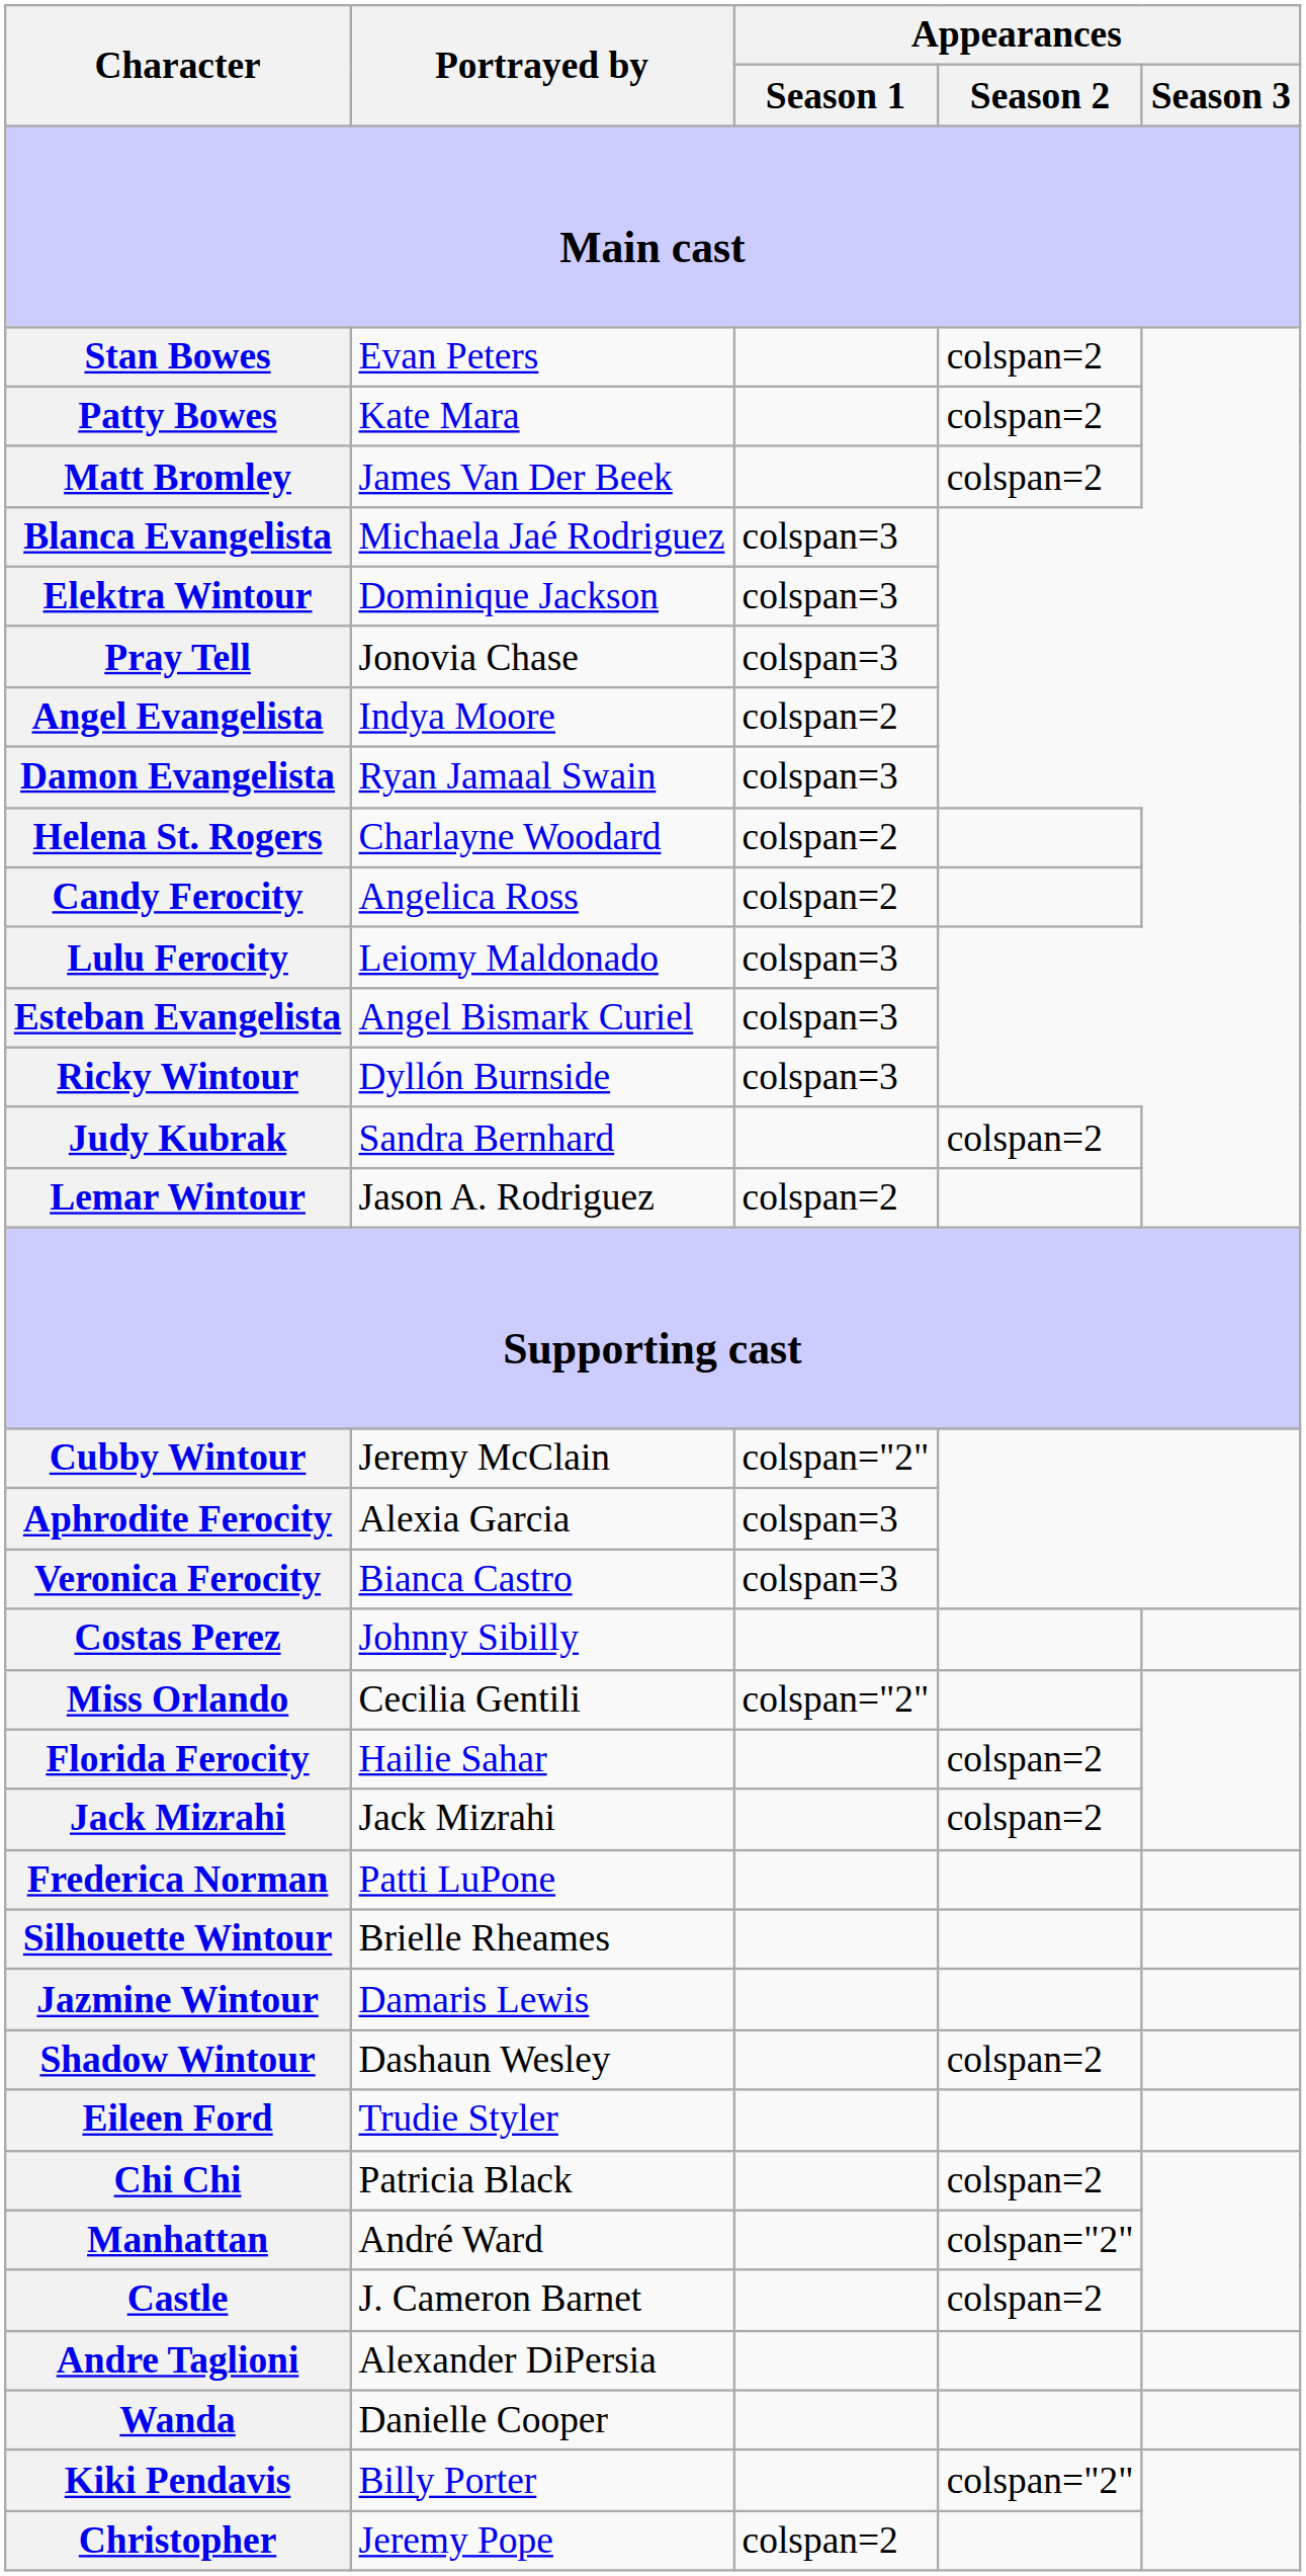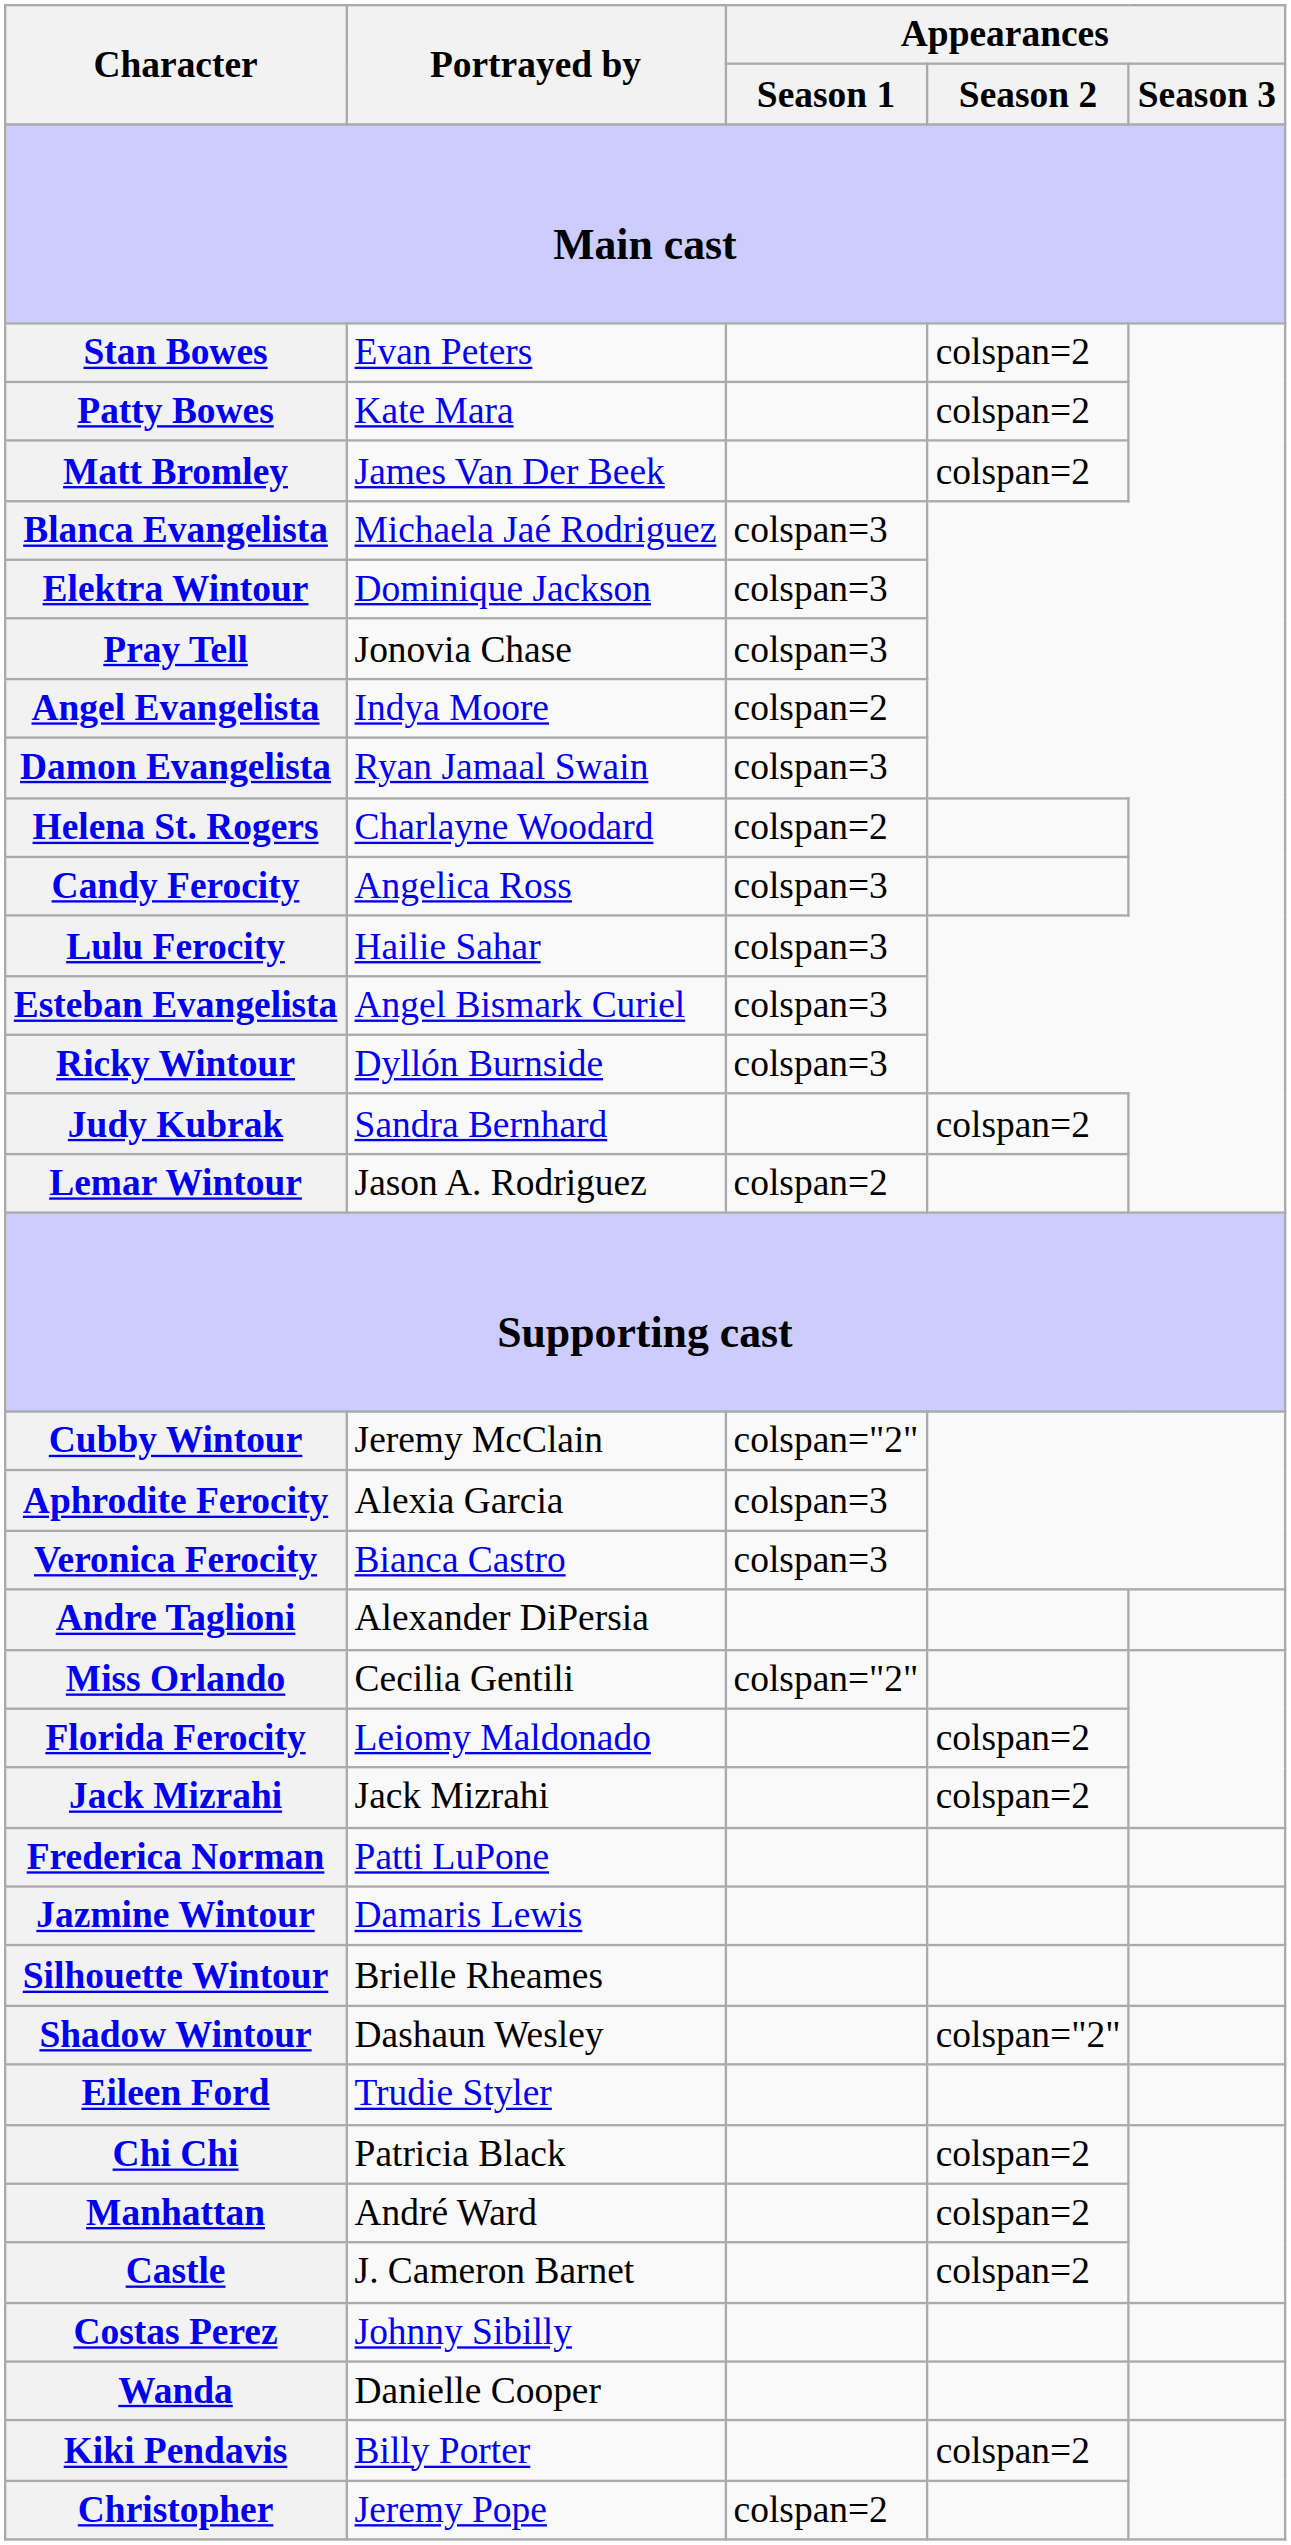 <table class="wikitable plainrowheaders">
 <tr>
 <th scope="col" rowspan="2">Character</th>
 <th scope="col" rowspan="2">Portrayed by</th>
 <th scope="col" colspan="3">Appearances</th>
 </tr>
 <tr>
 <th scope="col">Season 1</th>
 <th scope="col">Season 2</th>
 <th scope="col">Season 3</th>
 </tr>
 <tr>
 <th colspan="5" style="background:#ccf;"><br><h3>Main cast</h3></th>
 </tr>
 <tr>
 <th scope="row"><a href='#'>Stan Bowes</a></th>
 <td><a href='#'>Evan Peters</a></td>
 <td></td>
 <td>colspan=2 </td>
 </tr>
 <tr>
 <th scope="row"><a href='#'>Patty Bowes</a></th>
 <td><a href='#'>Kate Mara</a></td>
 <td></td>
 <td>colspan=2 </td>
 </tr>
 <tr>
 <th scope="row"><a href='#'>Matt Bromley</a></th>
 <td><a href='#'>James Van Der Beek</a></td>
 <td></td>
 <td>colspan=2 </td>
 </tr>
 <tr>
 <th scope="row"><a href='#'>Blanca Evangelista</a></th>
 <td><a href='#'>Michaela Jaé Rodriguez</a></td>
 <td>colspan=3 </td>
 </tr>
 <tr>
 <th scope="row"><a href='#'>Elektra Wintour</a></th>
 <td><a href='#'>Dominique Jackson</a></td>
 <td>colspan=3 </td>
 </tr>
 <tr>
 <th scope="row"><a href='#'>Pray Tell</a></th>
 <td>Jonovia Chase</td>
 <td>colspan=3 </td>
 </tr>
 <tr>
 <th scope="row"><a href='#'>Angel Evangelista</a></th>
 <td><a href='#'>Indya Moore</a></td>
 <td>colspan=2 </td>
 </tr>
 <tr>
 <th scope="row"><a href='#'>Damon Evangelista</a></th>
 <td><a href='#'>Ryan Jamaal Swain</a></td>
 <td>colspan=3 </td>
 </tr>
 <tr>
 <th scope="row"><a href='#'>Helena St. Rogers</a></th>
 <td><a href='#'>Charlayne Woodard</a></td>
 <td>colspan=2 </td>
 <td></td>
 </tr>
 <tr>
 <th scope="row"><a href='#'>Candy Ferocity</a></th>
 <td><a href='#'>Angelica Ross</a></td>
-<td>colspan=2 </td>
+<td>colspan=3 </td>
 <td></td>
 </tr>
 <tr>
 <th scope="row"><a href='#'>Lulu Ferocity</a></th>
-<td><a href='#'>Leiomy Maldonado</a></td>
+<td><a href='#'>Hailie Sahar</a></td>
 <td>colspan=3 </td>
 </tr>
 <tr>
 <th scope="row"><a href='#'>Esteban Evangelista</a></th>
 <td><a href='#'>Angel Bismark Curiel</a></td>
 <td>colspan=3 </td>
 </tr>
 <tr>
 <th scope="row"><a href='#'>Ricky Wintour</a></th>
 <td><a href='#'>Dyllón Burnside</a></td>
 <td>colspan=3 </td>
 </tr>
 <tr>
 <th scope="row"><a href='#'>Judy Kubrak</a></th>
 <td><a href='#'>Sandra Bernhard</a></td>
 <td></td>
 <td>colspan=2 </td>
 </tr>
 <tr>
 <th scope="row"><a href='#'>Lemar Wintour</a></th>
 <td>Jason A. Rodriguez</td>
 <td>colspan=2 </td>
 <td></td>
 </tr>
 <tr>
 <th colspan="5" style="background:#ccf;"><br><h3>Supporting cast</h3></th>
 </tr>
 <tr>
 <th scope="row"><a href='#'>Cubby Wintour</a></th>
 <td>Jeremy McClain</td>
 <td>colspan="2" </td>
 </tr>
 <tr>
 <th scope="row"><a href='#'>Aphrodite Ferocity</a></th>
 <td>Alexia Garcia</td>
 <td>colspan=3 </td>
 </tr>
 <tr>
 <th scope="row"><a href='#'>Veronica Ferocity</a></th>
 <td><a href='#'>Bianca Castro</a></td>
 <td>colspan=3 </td>
 </tr>
 <tr>
-<th scope="row"><a href='#'>Costas Perez</a></th>
-<td><a href='#'>Johnny Sibilly</a></td>
+<th scope="row"><a href='#'>Andre Taglioni</a></th>
+<td>Alexander DiPersia</td>
 <td></td>
 <td></td>
 <td></td>
 </tr>
 <tr>
 <th scope="row"><a href='#'>Miss Orlando</a></th>
 <td>Cecilia Gentili</td>
 <td>colspan="2" </td>
 <td></td>
 </tr>
 <tr>
 <th scope="row"><a href='#'>Florida Ferocity</a></th>
-<td><a href='#'>Hailie Sahar</a></td>
+<td><a href='#'>Leiomy Maldonado</a></td>
 <td></td>
 <td>colspan=2 </td>
 </tr>
 <tr>
 <th scope="row"><a href='#'>Jack Mizrahi</a></th>
 <td>Jack Mizrahi</td>
 <td></td>
 <td>colspan=2 </td>
 </tr>
 <tr>
 <th scope="row"><a href='#'>Frederica Norman</a></th>
 <td><a href='#'>Patti LuPone</a></td>
 <td></td>
 <td></td>
 <td></td>
 </tr>
 <tr>
-<th scope="row"><a href='#'>Silhouette Wintour</a></th>
-<td>Brielle Rheames</td>
+<th scope="row"><a href='#'>Jazmine Wintour</a></th>
+<td><a href='#'>Damaris Lewis</a></td>
 <td></td>
 <td></td>
 <td></td>
 </tr>
 <tr>
-<th scope="row"><a href='#'>Jazmine Wintour</a></th>
-<td><a href='#'>Damaris Lewis</a></td>
+<th scope="row"><a href='#'>Silhouette Wintour</a></th>
+<td>Brielle Rheames</td>
 <td></td>
 <td></td>
 <td></td>
 </tr>
 <tr>
 <th scope="row"><a href='#'>Shadow Wintour</a></th>
 <td>Dashaun Wesley</td>
 <td></td>
-<td>colspan=2 </td>
+<td>colspan="2" </td>
 </tr>
 <tr>
 <th scope="row"><a href='#'>Eileen Ford</a></th>
 <td><a href='#'>Trudie Styler</a></td>
 <td></td>
 <td></td>
 <td></td>
 </tr>
 <tr>
 <th scope="row"><a href='#'>Chi Chi</a></th>
 <td>Patricia Black</td>
 <td></td>
 <td>colspan=2 </td>
 </tr>
 <tr>
 <th scope="row"><a href='#'>Manhattan</a></th>
 <td>André Ward</td>
 <td></td>
-<td>colspan="2" </td>
+<td>colspan=2 </td>
 </tr>
 <tr>
 <th scope="row"><a href='#'>Castle</a></th>
 <td>J. Cameron Barnet</td>
 <td></td>
 <td>colspan=2 </td>
 </tr>
 <tr>
-<th scope="row"><a href='#'>Andre Taglioni</a></th>
-<td>Alexander DiPersia</td>
+<th scope="row"><a href='#'>Costas Perez</a></th>
+<td><a href='#'>Johnny Sibilly</a></td>
 <td></td>
 <td></td>
 <td></td>
 </tr>
 <tr>
 <th scope="row"><a href='#'>Wanda</a></th>
 <td>Danielle Cooper</td>
 <td></td>
 <td></td>
 <td></td>
 </tr>
 <tr>
 <th scope="row"><a href='#'>Kiki Pendavis</a></th>
 <td><a href='#'>Billy Porter</a></td>
 <td></td>
-<td>colspan="2" </td>
+<td>colspan=2 </td>
 </tr>
 <tr>
 <th scope="row"><a href='#'>Christopher</a></th>
 <td><a href='#'>Jeremy Pope</a></td>
 <td>colspan=2 </td>
 <td></td>
 </tr>
 </table>
